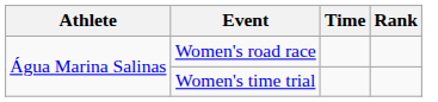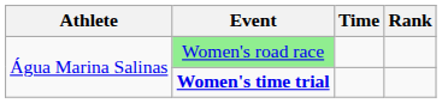 <table class="wikitable" style="font-size:90%">
 <tr>
 <th>Athlete</th>
 <th>Event</th>
 <th>Time</th>
 <th>Rank</th>
 </tr>
 <tr>
 <td rowspan=2><a href='#'>Água Marina Salinas</a></td>
-<td align=center><a href='#'>Women's road race</a></td>
+<td align=center style="background: lightgreen;"><a href='#'>Women's road race</a></td>
 <td></td>
 <td></td>
 </tr>
 <tr>
-<td align=center><a href='#'>Women's time trial</a></td>
+<td align=center><strong><a href='#'>Women's time trial</a></strong></td>
 <td></td>
 <td></td>
 </tr>
 </table>
